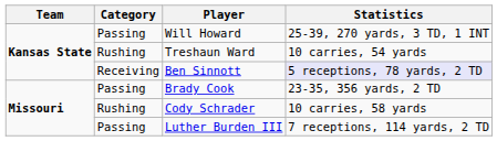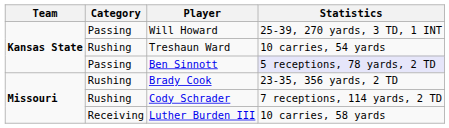 <table class="wikitable" style="float: right;">
 <tr>
 <th>Team</th>
 <th>Category</th>
 <th>Player</th>
 <th>Statistics</th>
 </tr>
 <tr>
 <td rowspan=3><strong>Kansas State</strong></td>
 <td>Passing</td>
 <td>Will Howard</td>
 <td>25-39, 270 yards, 3 TD, 1 INT</td>
 </tr>
 <tr>
 <td>Rushing</td>
 <td>Treshaun Ward</td>
 <td>10 carries, 54 yards</td>
 </tr>
 <tr>
-<td>Receiving</td>
+<td>Passing</td>
 <td><a href='#'>Ben Sinnott</a></td>
 <td style="background: lavender;">5 receptions, 78 yards, 2 TD</td>
 </tr>
 <tr>
 <td rowspan=3><strong>Missouri</strong></td>
-<td>Passing</td>
+<td>Rushing</td>
 <td><a href='#'>Brady Cook</a></td>
 <td>23-35, 356 yards, 2 TD</td>
 </tr>
 <tr>
 <td>Rushing</td>
 <td><a href='#'>Cody Schrader</a></td>
+<td>7 receptions, 114 yards, 2 TD</td>
+</tr>
+<tr>
+<td>Receiving</td>
+<td><a href='#'>Luther Burden III</a></td>
 <td>10 carries, 58 yards</td>
 </tr>
-<tr>
-<td>Passing</td>
-<td><a href='#'>Luther Burden III</a></td>
-<td>7 receptions, 114 yards, 2 TD</td>
-</tr>
 </table>
